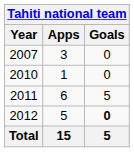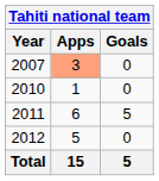 <table class="wikitable" style="text-align:center">
 <tr>
 <th colspan=3><a href='#'>Tahiti national team</a></th>
 </tr>
 <tr>
 <th>Year</th>
 <th>Apps</th>
 <th>Goals</th>
 </tr>
 <tr>
 <td>2007</td>
-<td>3</td>
+<td style="background: lightsalmon;">3</td>
 <td>0</td>
 </tr>
 <tr>
 <td>2010</td>
 <td>1</td>
 <td>0</td>
 </tr>
 <tr>
 <td>2011</td>
 <td>6</td>
 <td>5</td>
 </tr>
 <tr>
 <td>2012</td>
 <td>5</td>
-<td><strong>0</strong></td>
+<td>0</td>
 </tr>
 <tr>
 <th>Total</th>
 <th>15</th>
 <th>5</th>
 </tr>
 </table>
